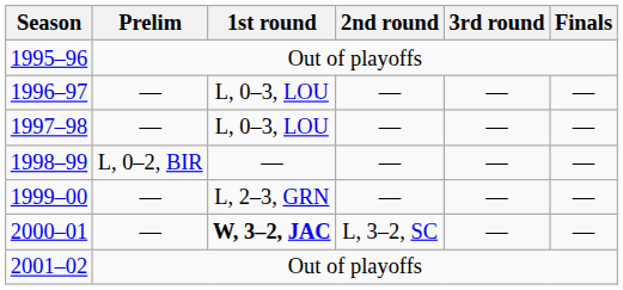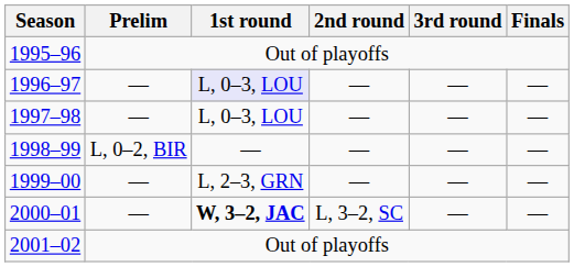 <table class="wikitable" style="text-align:center">
 <tr>
 <th>Season</th>
 <th>Prelim</th>
 <th>1st round</th>
 <th>2nd round</th>
 <th>3rd round</th>
 <th>Finals</th>
 </tr>
 <tr>
 <td><a href='#'>1995–96</a></td>
 <td colspan="5">Out of playoffs</td>
 </tr>
 <tr>
 <td><a href='#'>1996–97</a></td>
 <td>—</td>
-<td>L, 0–3, <a href='#'>LOU</a></td>
+<td style="background: lavender;">L, 0–3, <a href='#'>LOU</a></td>
 <td>—</td>
 <td>—</td>
 <td>—</td>
 </tr>
 <tr>
 <td><a href='#'>1997–98</a></td>
 <td>—</td>
 <td>L, 0–3, <a href='#'>LOU</a></td>
 <td>—</td>
 <td>—</td>
 <td>—</td>
 </tr>
 <tr>
 <td><a href='#'>1998–99</a></td>
 <td>L, 0–2, <a href='#'>BIR</a></td>
 <td>—</td>
 <td>—</td>
 <td>—</td>
 <td>—</td>
 </tr>
 <tr>
 <td><a href='#'>1999–00</a></td>
 <td>—</td>
 <td>L, 2–3, <a href='#'>GRN</a></td>
 <td>—</td>
 <td>—</td>
 <td>—</td>
 </tr>
 <tr>
 <td><a href='#'>2000–01</a></td>
 <td>—</td>
 <td><strong>W, 3–2, <a href='#'>JAC</a></strong></td>
 <td>L, 3–2, <a href='#'>SC</a></td>
 <td>—</td>
 <td>—</td>
 </tr>
 <tr>
 <td><a href='#'>2001–02</a></td>
 <td colspan="5">Out of playoffs</td>
 </tr>
 </table>
